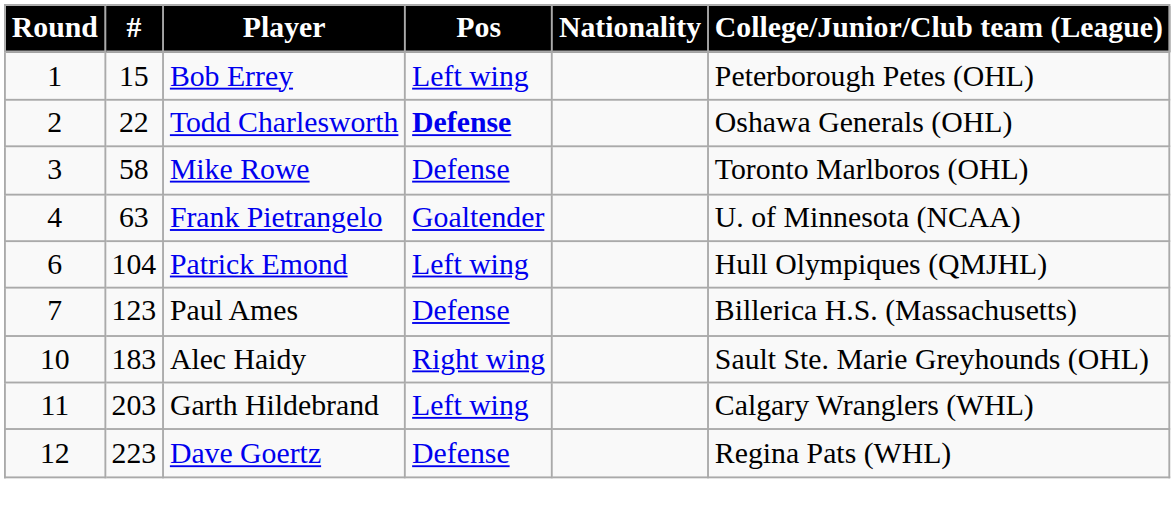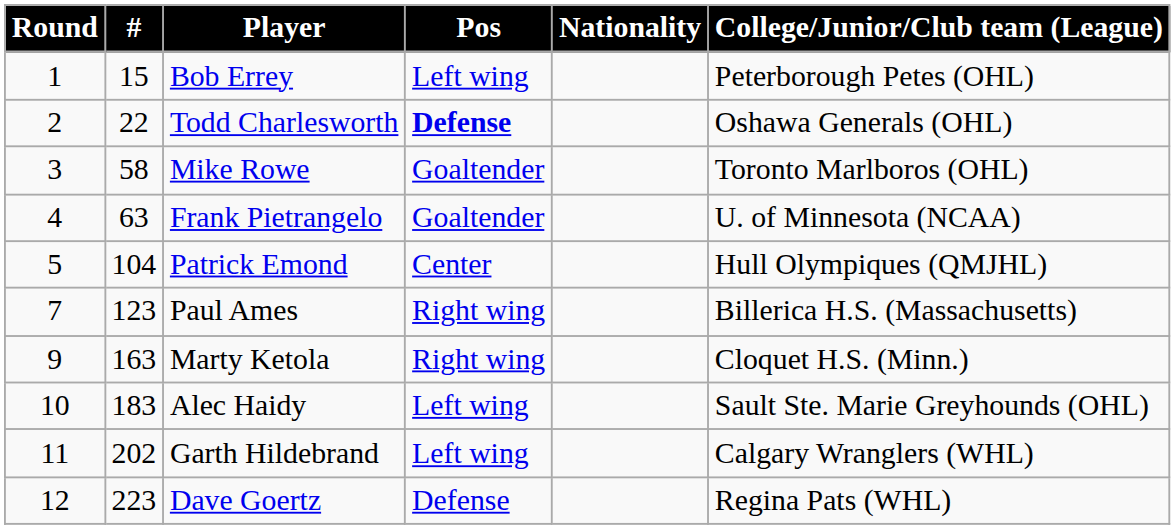 <table class="wikitable">
 <tr>
 <th style="color:white; background:#000000; ">Round</th>
 <th style="color:white; background:#000000; ">#</th>
 <th style="color:white; background:#000000; ">Player</th>
 <th style="color:white; background:#000000; ">Pos</th>
 <th style="color:white; background:#000000; ">Nationality</th>
 <th style="color:white; background:#000000; ">College/Junior/Club team (League)</th>
 </tr>
 <tr>
 <td align=center>1</td>
 <td align=center>15</td>
 <td><a href='#'>Bob Errey</a></td>
 <td><a href='#'>Left wing</a></td>
 <td></td>
 <td>Peterborough Petes (OHL)</td>
 </tr>
 <tr>
 <td align=center>2</td>
 <td align=center>22</td>
 <td><a href='#'>Todd Charlesworth</a></td>
 <td><strong><a href='#'>Defense</a></strong></td>
 <td></td>
 <td>Oshawa Generals (OHL)</td>
 </tr>
 <tr>
 <td align=center>3</td>
 <td align=center>58</td>
 <td><a href='#'>Mike Rowe</a></td>
-<td><a href='#'>Defense</a></td>
+<td><a href='#'>Goaltender</a></td>
 <td></td>
 <td>Toronto Marlboros (OHL)</td>
 </tr>
 <tr>
 <td align=center>4</td>
 <td align=center>63</td>
 <td><a href='#'>Frank Pietrangelo</a></td>
 <td><a href='#'>Goaltender</a></td>
 <td></td>
 <td>U. of Minnesota (NCAA)</td>
 </tr>
 <tr>
-<td align=center>6</td>
+<td align=center>5</td>
 <td align=center>104</td>
 <td><a href='#'>Patrick Emond</a></td>
-<td><a href='#'>Left wing</a></td>
+<td><a href='#'>Center</a></td>
 <td></td>
 <td>Hull Olympiques (QMJHL)</td>
 </tr>
 <tr>
 <td align=center>7</td>
 <td align=center>123</td>
 <td>Paul Ames</td>
-<td><a href='#'>Defense</a></td>
+<td><a href='#'>Right wing</a></td>
 <td></td>
 <td>Billerica H.S. (Massachusetts)</td>
+</tr>
+<tr>
+<td align=center>9</td>
+<td align=center>163</td>
+<td>Marty Ketola</td>
+<td><a href='#'>Right wing</a></td>
+<td></td>
+<td>Cloquet H.S. (Minn.)</td>
 </tr>
 <tr>
 <td align=center>10</td>
 <td align=center>183</td>
 <td>Alec Haidy</td>
-<td><a href='#'>Right wing</a></td>
+<td><a href='#'>Left wing</a></td>
 <td></td>
 <td>Sault Ste. Marie Greyhounds (OHL)</td>
 </tr>
 <tr>
 <td align=center>11</td>
-<td align=center>203</td>
+<td align=center>202</td>
 <td>Garth Hildebrand</td>
 <td><a href='#'>Left wing</a></td>
 <td></td>
 <td>Calgary Wranglers (WHL)</td>
 </tr>
 <tr>
 <td align=center>12</td>
 <td align=center>223</td>
 <td><a href='#'>Dave Goertz</a></td>
 <td><a href='#'>Defense</a></td>
 <td></td>
 <td>Regina Pats (WHL)</td>
 </tr>
 </table>
